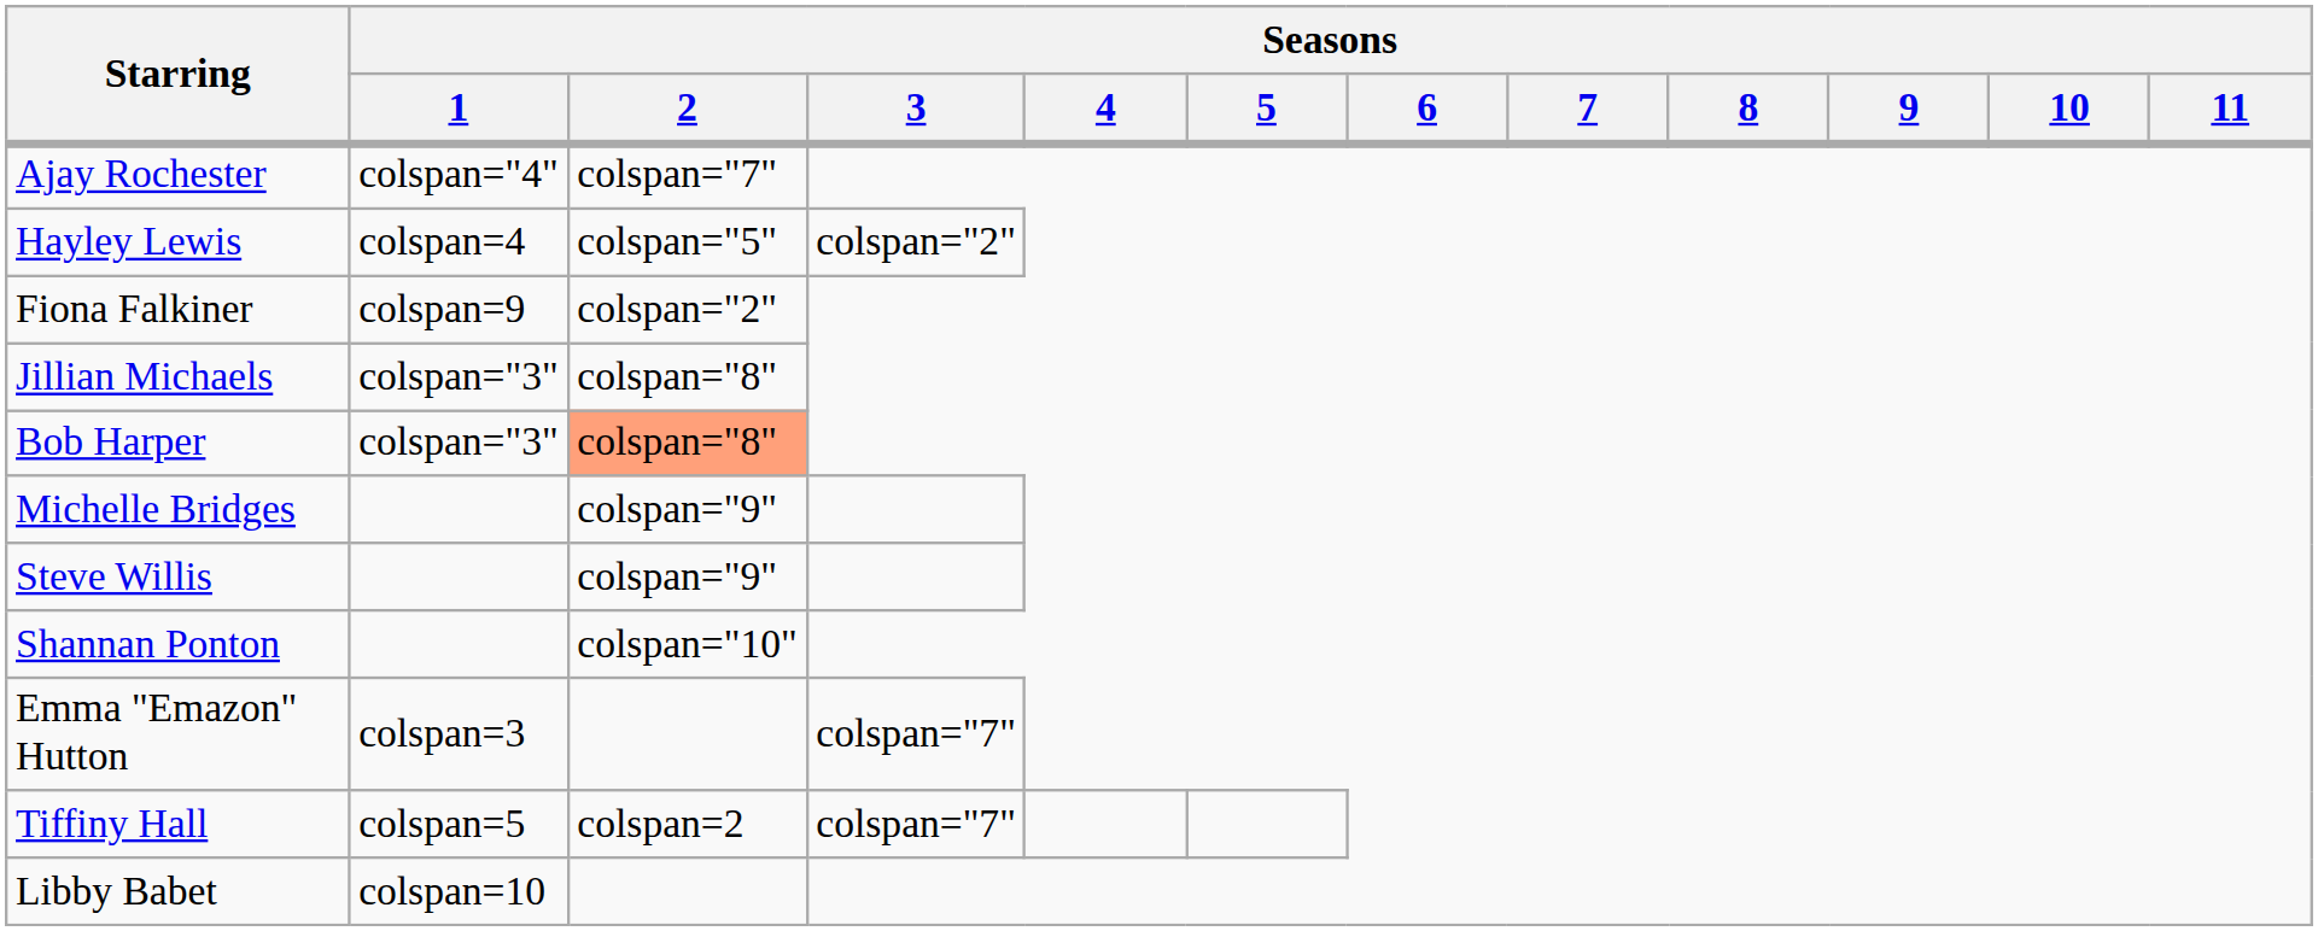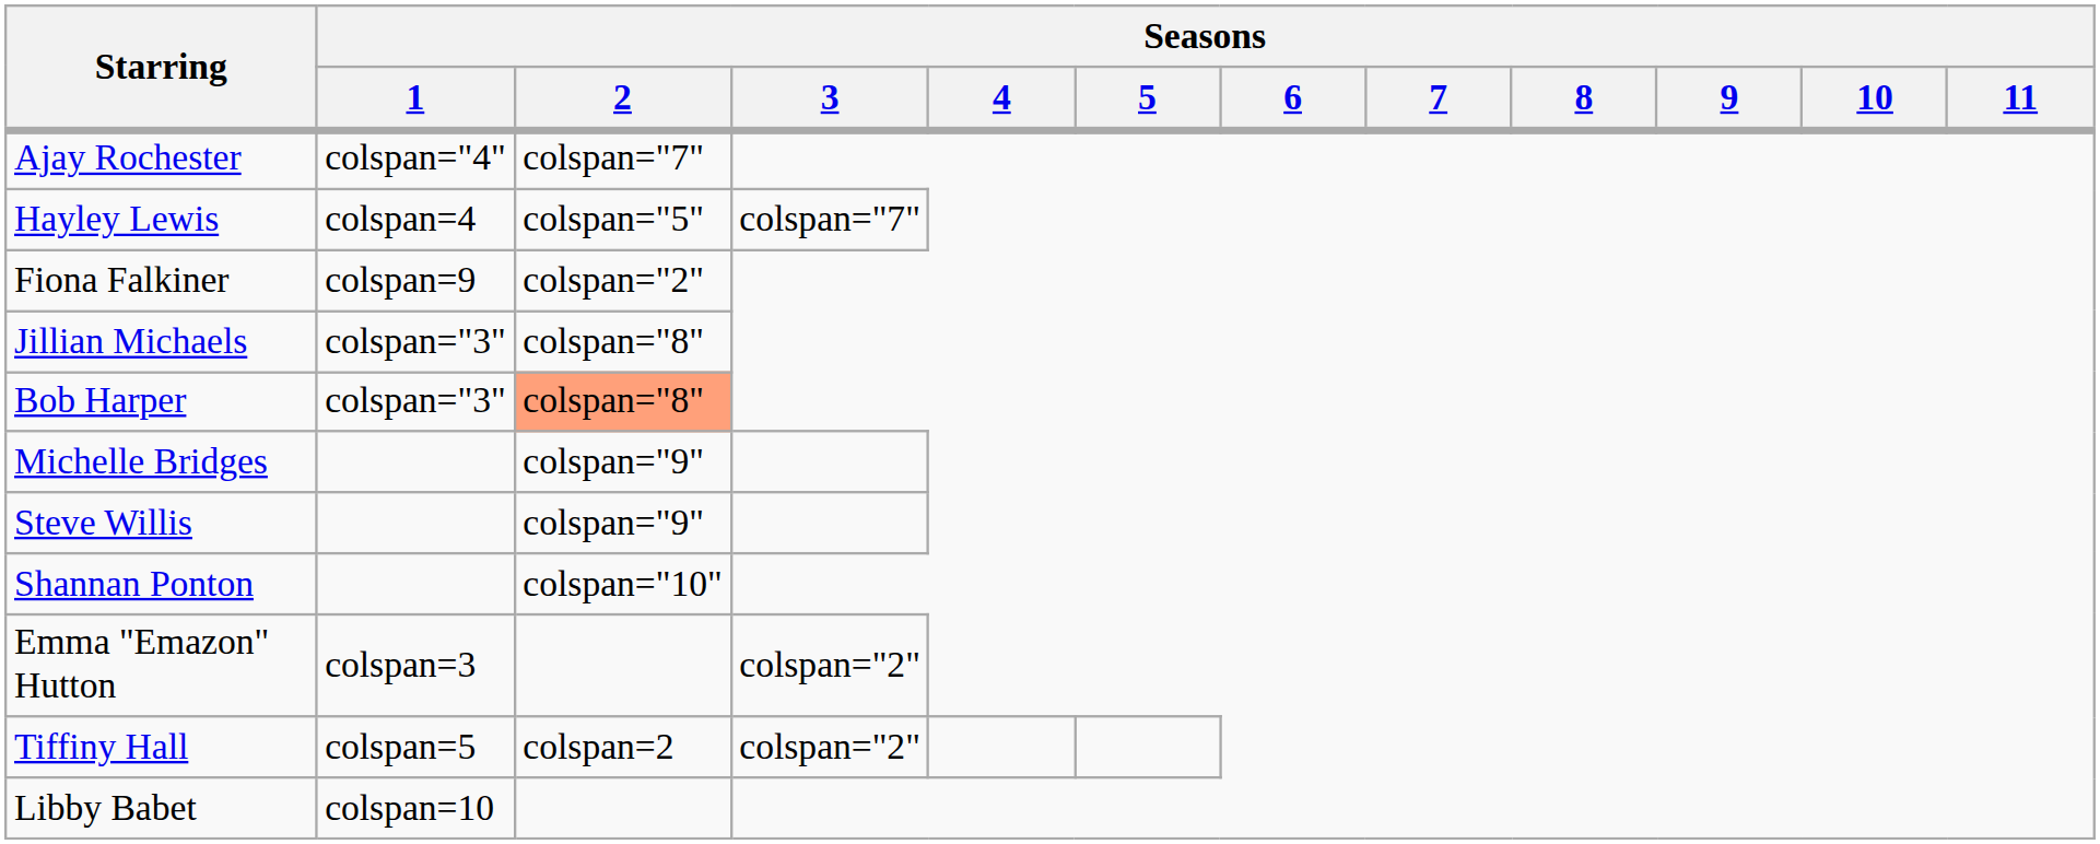 <table class="wikitable plainrowheaders" style="font-size:90%;">
 <tr>
 <th scope="col" style="width:8em;" rowspan="2">Starring</th>
 <th scope="col" colspan="12">Seasons</th>
 </tr>
 <tr>
 <th scope="col" style="width:3.5em;"><a href='#'>1</a></th>
 <th scope="col" style="width:3.5em;"><a href='#'>2</a></th>
 <th scope="col" style="width:3.5em;"><a href='#'>3</a></th>
 <th scope="col" style="width:3.5em;"><a href='#'>4</a></th>
 <th scope="col" style="width:3.5em;"><a href='#'>5</a></th>
 <th scope="col" style="width:3.5em;"><a href='#'>6</a></th>
 <th scope="col" style="width:3.5em;"><a href='#'>7</a></th>
 <th scope="col" style="width:3.5em;"><a href='#'>8</a></th>
 <th scope="col" style="width:3.5em;"><a href='#'>9</a></th>
 <th scope="col" style="width:3.5em;"><a href='#'>10</a></th>
 <th scope="col" style="width:3.5em;"><a href='#'>11</a></th>
 </tr>
 <tr style="border-top:3px solid #aaa;">
 </tr>
 <tr>
 <td scope="row"><a href='#'>Ajay Rochester</a></td>
 <td>colspan="4" </td>
 <td>colspan="7" </td>
 </tr>
 <tr>
 <td scope="row"><a href='#'>Hayley Lewis</a></td>
 <td>colspan=4 </td>
 <td>colspan="5" </td>
-<td>colspan="2" </td>
+<td>colspan="7" </td>
 </tr>
 <tr>
 <td scope="row">Fiona Falkiner</td>
 <td>colspan=9 </td>
 <td>colspan="2" </td>
 </tr>
 <tr>
 <td scope="row"><a href='#'>Jillian Michaels</a></td>
 <td>colspan="3" </td>
 <td>colspan="8" </td>
 </tr>
 <tr>
 <td scope="row"><a href='#'>Bob Harper</a></td>
 <td>colspan="3" </td>
 <td style="background: lightsalmon;">colspan="8" </td>
 </tr>
 <tr>
 <td scope="row"><a href='#'>Michelle Bridges</a></td>
 <td></td>
 <td>colspan="9" </td>
 <td></td>
 </tr>
 <tr>
 <td scope="row"><a href='#'>Steve Willis</a></td>
 <td></td>
 <td>colspan="9" </td>
 <td></td>
 </tr>
 <tr>
 <td scope="row"><a href='#'>Shannan Ponton</a></td>
 <td></td>
 <td>colspan="10" </td>
 </tr>
 <tr>
 <td scope="row">Emma "Emazon" Hutton</td>
 <td>colspan=3 </td>
 <td></td>
-<td>colspan="7" </td>
+<td>colspan="2" </td>
 </tr>
 <tr>
 <td scope="row"><a href='#'>Tiffiny Hall</a></td>
 <td>colspan=5 </td>
 <td>colspan=2 </td>
-<td>colspan="7" </td>
+<td>colspan="2" </td>
 <td></td>
 <td></td>
 </tr>
 <tr>
 <td scope="row">Libby Babet</td>
 <td>colspan=10 </td>
 <td></td>
 </tr>
 </table>
